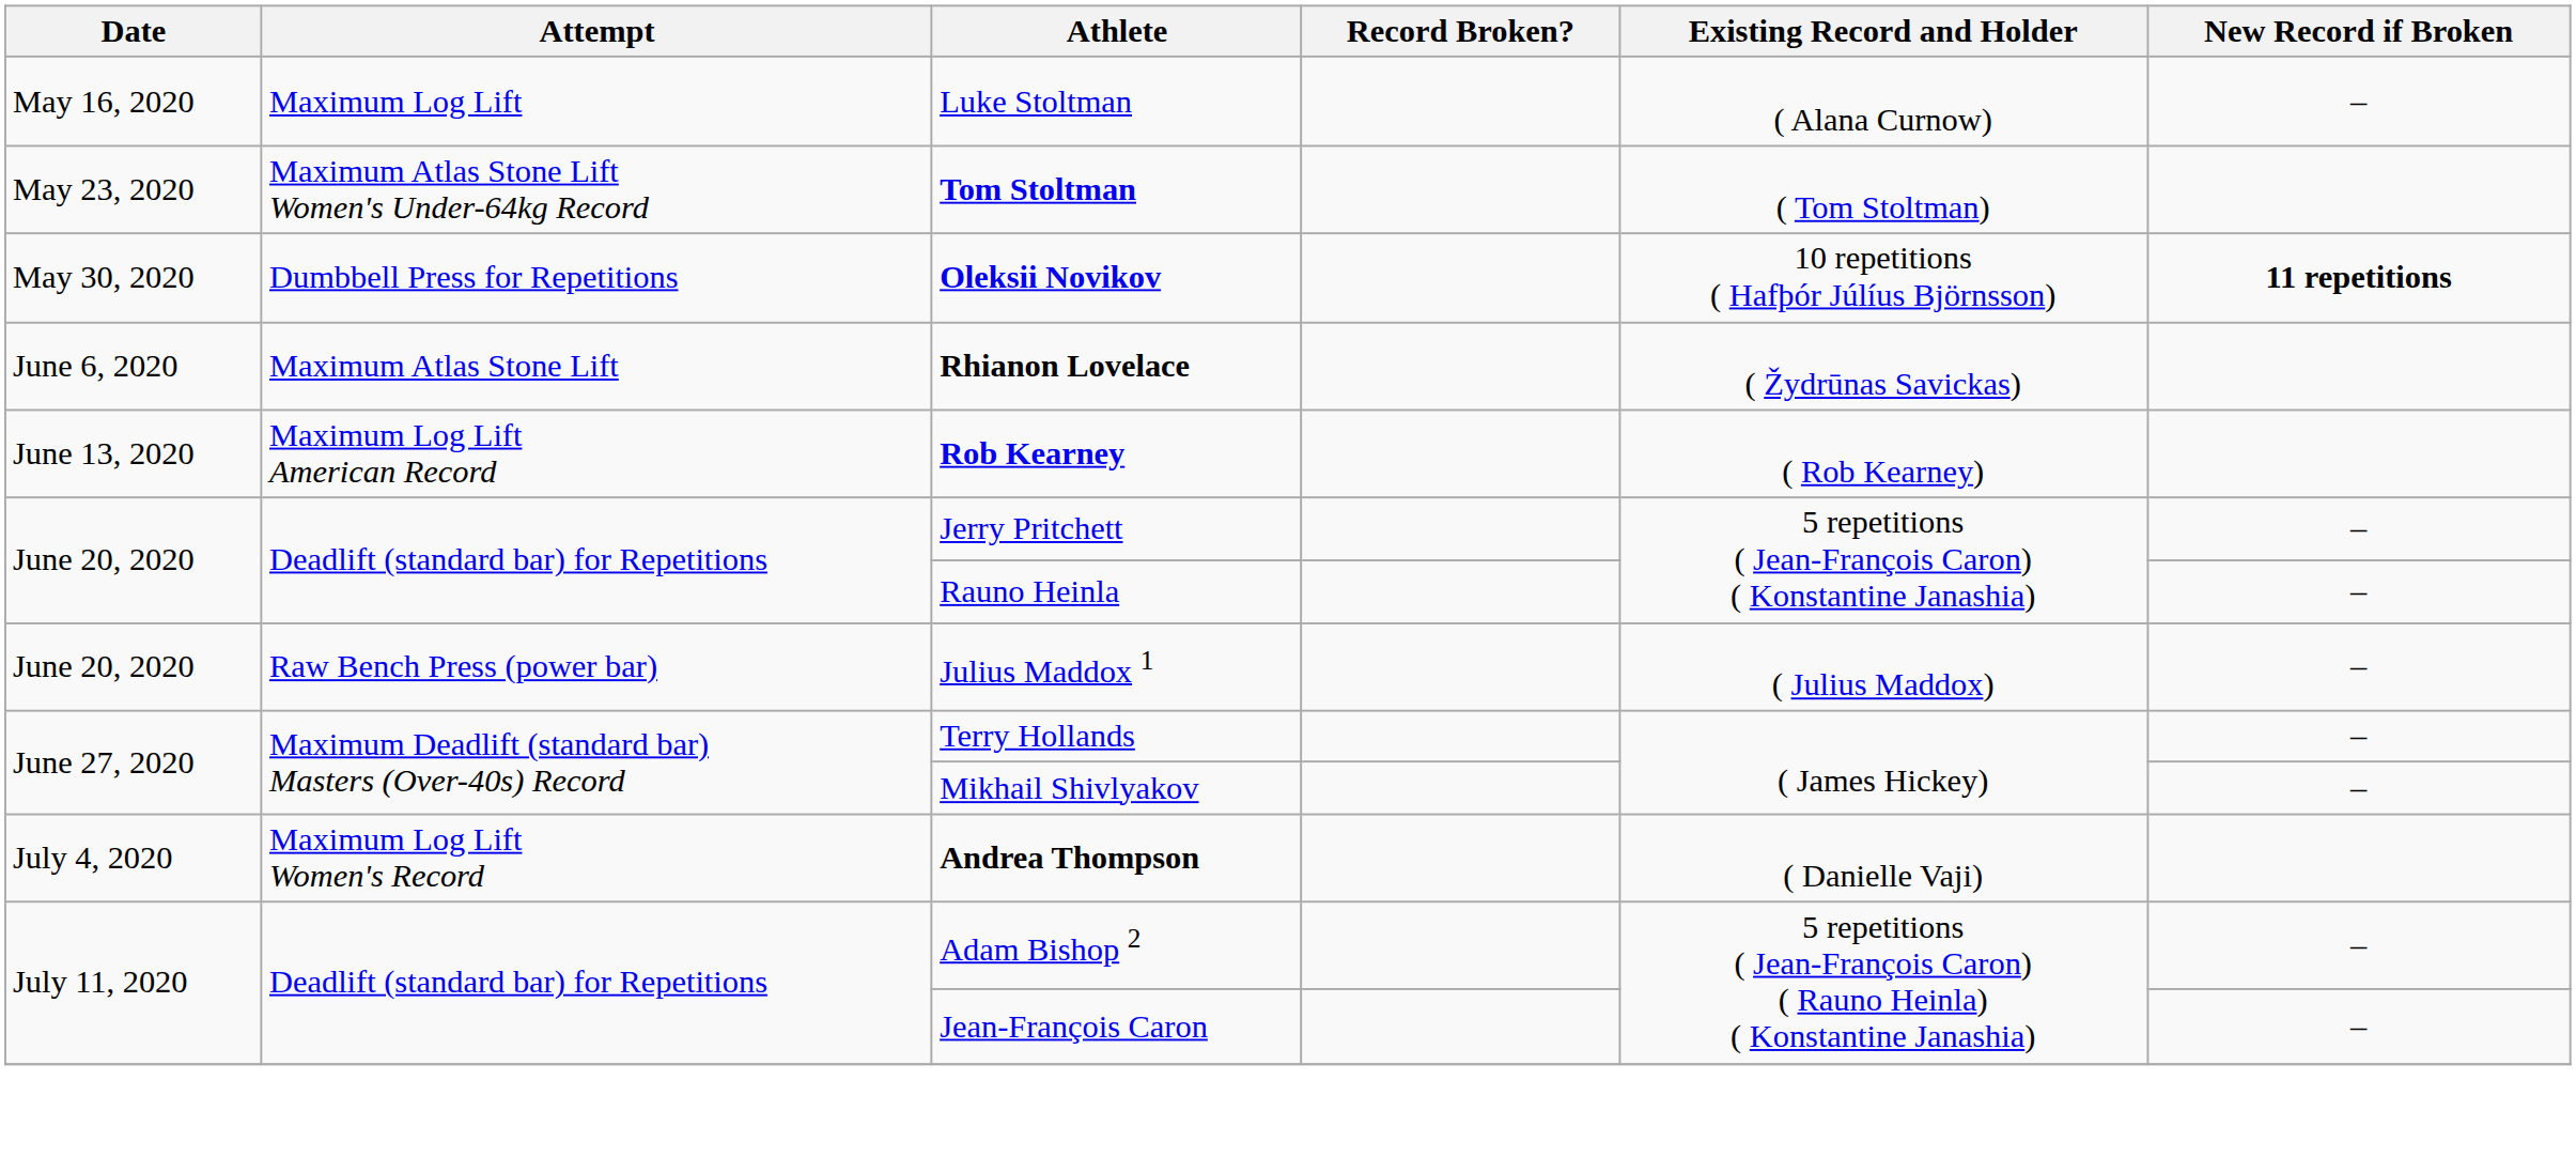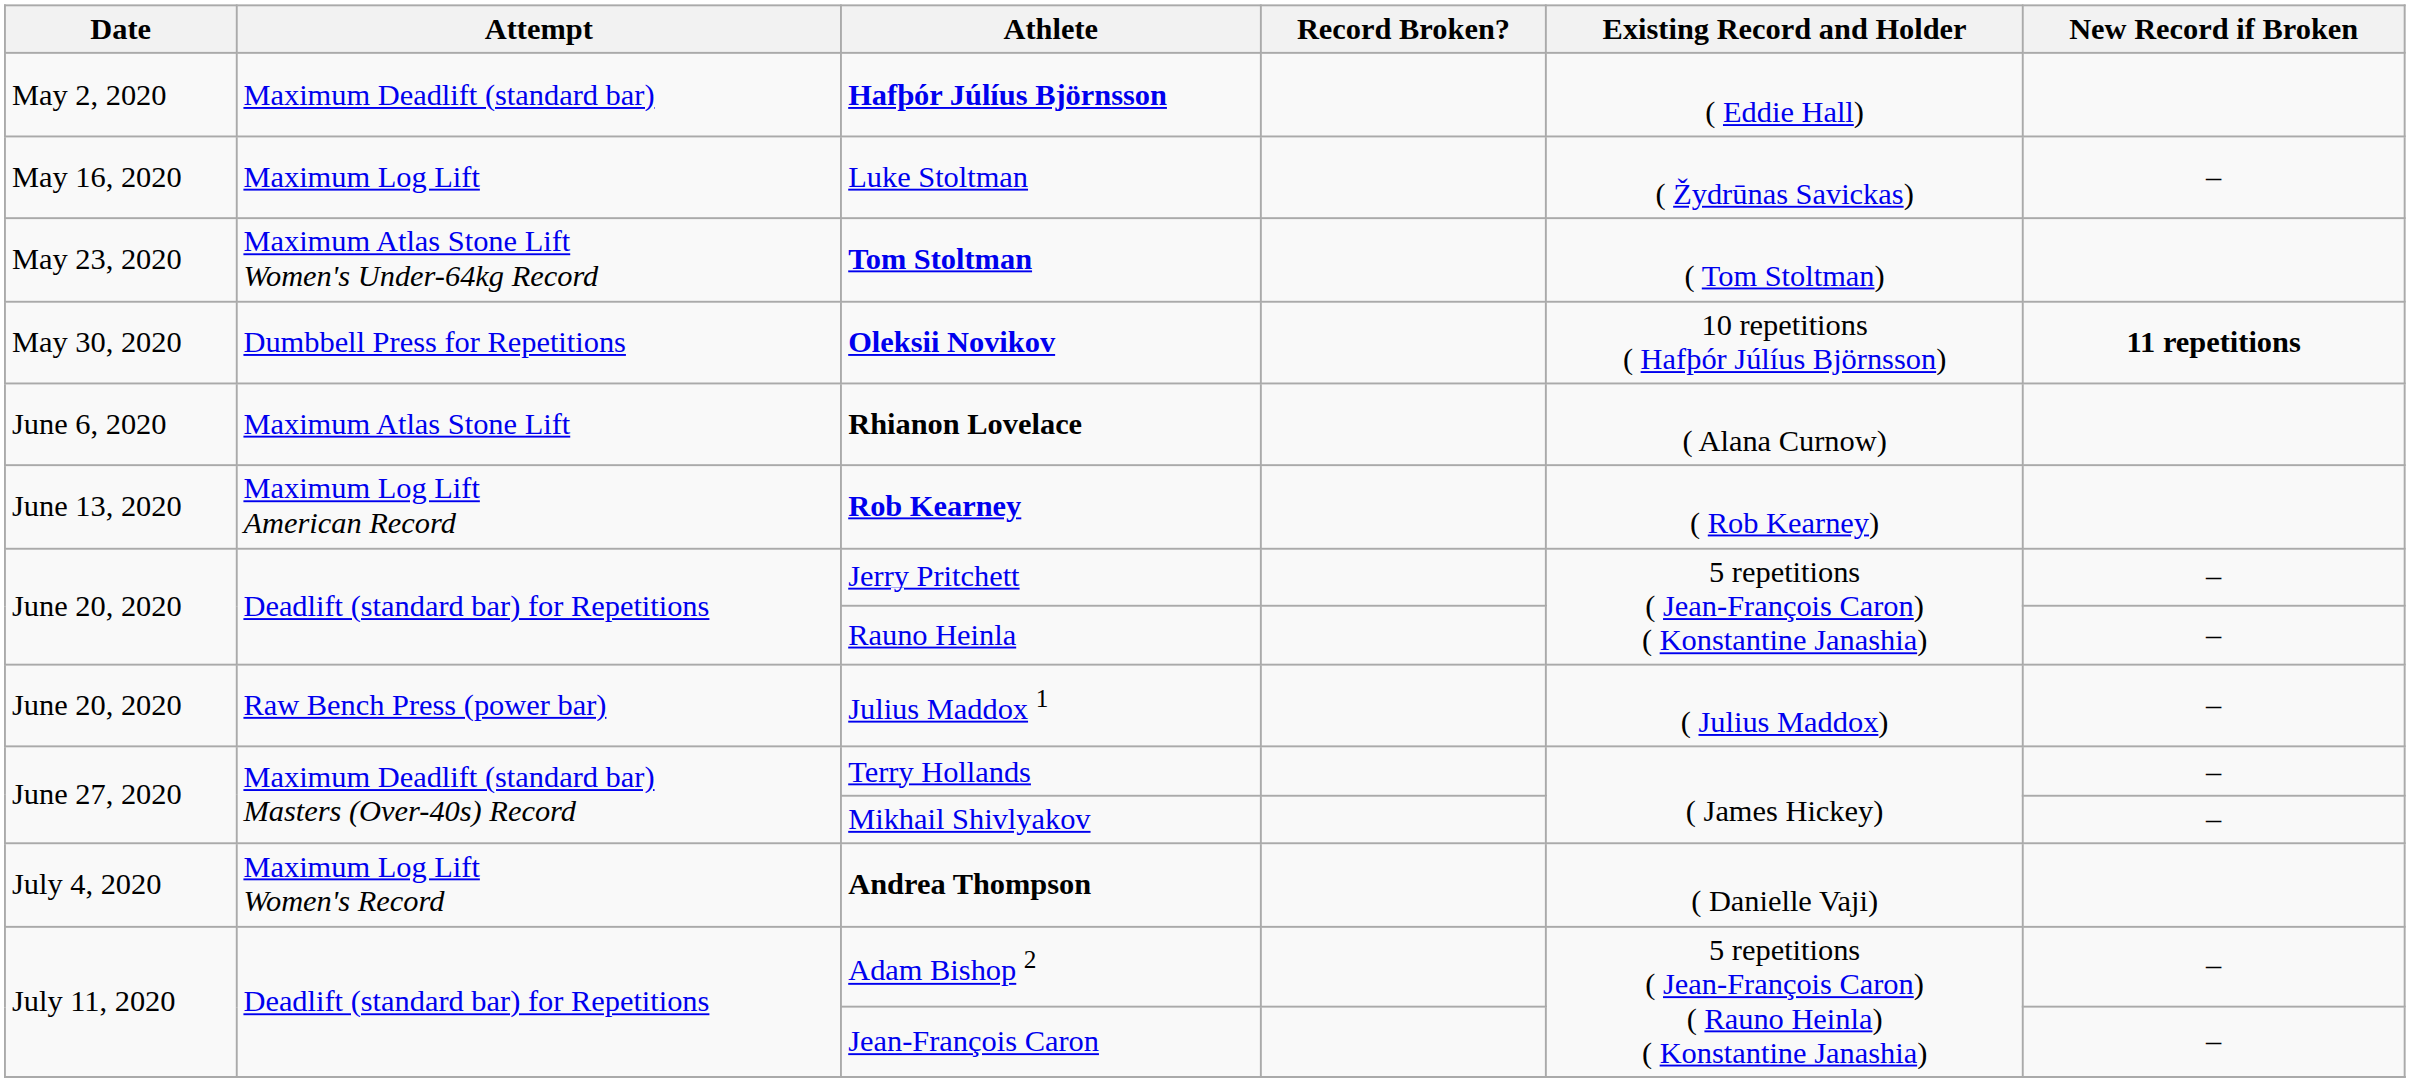 <table class="wikitable sortable" style="display: inline-table;width: 100%;">
 <tr>
 <th>Date</th>
 <th>Attempt</th>
 <th>Athlete</th>
 <th>Record Broken?</th>
 <th>Existing Record and Holder</th>
 <th>New Record if Broken</th>
 </tr>
 <tr>
+<td>May 2, 2020</td>
+<td><a href='#'>Maximum Deadlift (standard bar)</a></td>
+<td> <strong><a href='#'>Hafþór Júlíus Björnsson</a></strong></td>
+<td></td>
+<td align=center> <br> ( <a href='#'>Eddie Hall</a>)</td>
+<td align=center><strong></strong></td>
+</tr>
+<tr>
 <td>May 16, 2020</td>
 <td><a href='#'>Maximum Log Lift</a></td>
 <td> <a href='#'>Luke Stoltman</a></td>
 <td></td>
-<td align=center> <br> ( Alana Curnow)</td>
+<td align=center> <br> ( <a href='#'>Žydrūnas Savickas</a>)</td>
 <td align=center>–</td>
 </tr>
 <tr>
 <td>May 23, 2020</td>
 <td><a href='#'>Maximum Atlas Stone Lift</a> <br> <em>Women's Under-64kg Record</em></td>
 <td> <strong><a href='#'>Tom Stoltman</a></strong></td>
 <td></td>
 <td align=center> <br> ( <a href='#'>Tom Stoltman</a>)</td>
 <td align=center><strong></strong></td>
 </tr>
 <tr>
 <td>May 30, 2020</td>
 <td><a href='#'> Dumbbell Press for Repetitions</a></td>
 <td> <strong><a href='#'>Oleksii Novikov</a></strong></td>
 <td></td>
 <td align=center>10 repetitions <br> ( <a href='#'>Hafþór Júlíus Björnsson</a>)</td>
 <td align=center><strong>11 repetitions</strong></td>
 </tr>
 <tr>
 <td>June 6, 2020</td>
 <td><a href='#'>Maximum Atlas Stone Lift</a></td>
 <td> <strong>Rhianon Lovelace</strong></td>
 <td></td>
-<td align=center> <br> ( <a href='#'>Žydrūnas Savickas</a>)</td>
+<td align=center> <br> ( Alana Curnow)</td>
 <td align=center><strong></strong></td>
 </tr>
 <tr>
 <td>June 13, 2020</td>
 <td><a href='#'>Maximum Log Lift</a>  <br> <em>American Record</em></td>
 <td> <strong><a href='#'>Rob Kearney</a></strong></td>
 <td></td>
 <td align=center> <br> ( <a href='#'>Rob Kearney</a>)</td>
 <td align=center><strong></strong></td>
 </tr>
 <tr>
 <td rowspan=2>June 20, 2020</td>
 <td rowspan=2><a href='#'> Deadlift (standard bar) for Repetitions</a></td>
 <td> <a href='#'>Jerry Pritchett</a></td>
 <td></td>
 <td rowspan=2 align=center>5 repetitions <br> ( <a href='#'>Jean-François Caron</a>) <br> ( <a href='#'>Konstantine Janashia</a>)</td>
 <td align=center>–</td>
 </tr>
 <tr>
 <td> <a href='#'>Rauno Heinla</a></td>
 <td></td>
 <td align=center>–</td>
 </tr>
 <tr>
 <td>June 20, 2020</td>
 <td><a href='#'>Raw Bench Press (power bar)</a></td>
 <td> <a href='#'>Julius Maddox</a> <sup>1</sup></td>
 <td></td>
 <td align=center> <br> ( <a href='#'>Julius Maddox</a>)</td>
 <td align=center>–</td>
 </tr>
 <tr>
 <td rowspan=2>June 27, 2020</td>
 <td rowspan=2><a href='#'>Maximum Deadlift (standard bar)</a> <br> <em>Masters (Over-40s) Record</em></td>
 <td> <a href='#'>Terry Hollands</a></td>
 <td></td>
 <td rowspan=2 align=center> <br> ( James Hickey)</td>
 <td align=center>–</td>
 </tr>
 <tr>
 <td> <a href='#'>Mikhail Shivlyakov</a></td>
 <td></td>
 <td align=center>–</td>
 </tr>
 <tr>
 <td>July 4, 2020</td>
 <td><a href='#'>Maximum Log Lift</a> <br> <em>Women's Record</em></td>
 <td> <strong>Andrea Thompson</strong></td>
 <td></td>
 <td align=center> <br> ( Danielle Vaji)</td>
 <td align=center><strong></strong></td>
 </tr>
 <tr>
 <td rowspan=2>July 11, 2020</td>
 <td rowspan=2><a href='#'> Deadlift (standard bar) for Repetitions</a></td>
 <td> <a href='#'>Adam Bishop</a> <sup>2</sup></td>
 <td></td>
 <td rowspan=2 align=center>5 repetitions <br> ( <a href='#'>Jean-François Caron</a>) <br> ( <a href='#'>Rauno Heinla</a>) <br> ( <a href='#'>Konstantine Janashia</a>)</td>
 <td align=center>–</td>
 </tr>
 <tr>
 <td> <a href='#'>Jean-François Caron</a></td>
 <td></td>
 <td align=center>–</td>
 </tr>
 <tr>
 </tr>
 </table>
